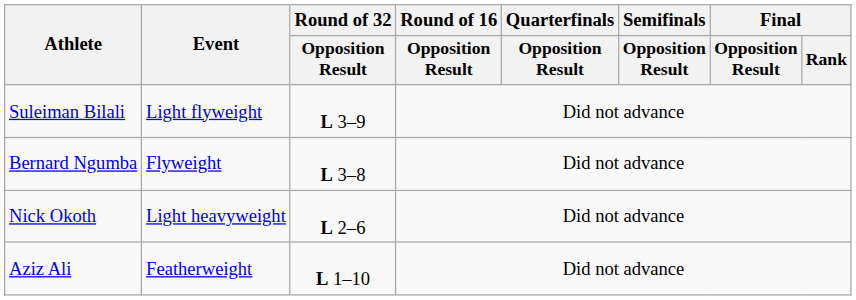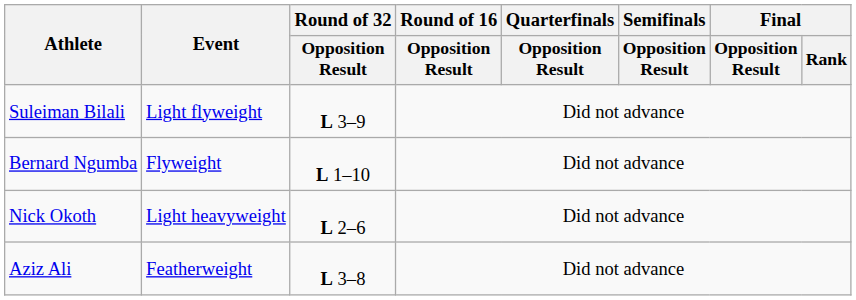 <table class="wikitable" style="font-size:90%">
 <tr>
 <th rowspan="2">Athlete</th>
 <th rowspan="2">Event</th>
 <th>Round of 32</th>
 <th>Round of 16</th>
 <th>Quarterfinals</th>
 <th>Semifinals</th>
 <th colspan=2>Final</th>
 </tr>
 <tr style="font-size:95%">
 <th>Opposition<br>Result</th>
 <th>Opposition<br>Result</th>
 <th>Opposition<br>Result</th>
 <th>Opposition<br>Result</th>
 <th>Opposition<br>Result</th>
 <th>Rank</th>
 </tr>
 <tr align=center>
 <td align=left><a href='#'>Suleiman Bilali</a></td>
 <td align=left><a href='#'>Light flyweight</a></td>
 <td><br><strong>L</strong> 3–9</td>
 <td colspan=5>Did not advance</td>
 </tr>
 <tr align=center>
 <td align=left><a href='#'>Bernard Ngumba</a></td>
 <td align=left><a href='#'>Flyweight</a></td>
-<td><br><strong>L</strong> 3–8</td>
+<td><br><strong>L</strong> 1–10</td>
 <td colspan=5>Did not advance</td>
 </tr>
 <tr align=center>
 <td align=left><a href='#'>Nick Okoth</a></td>
 <td align=left><a href='#'>Light heavyweight</a></td>
 <td><br><strong>L</strong> 2–6</td>
 <td colspan=5>Did not advance</td>
 </tr>
 <tr align=center>
 <td align=left><a href='#'>Aziz Ali</a></td>
 <td align=left><a href='#'>Featherweight</a></td>
-<td><br><strong>L</strong> 1–10</td>
+<td><br><strong>L</strong> 3–8</td>
 <td colspan=5>Did not advance</td>
 </tr>
 </table>
